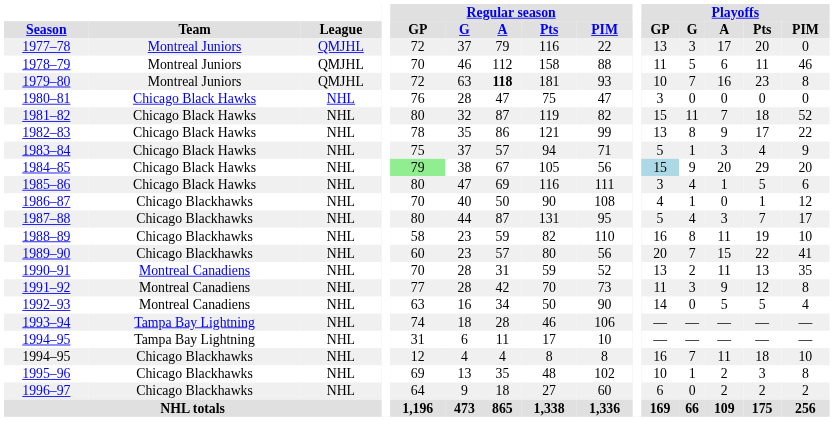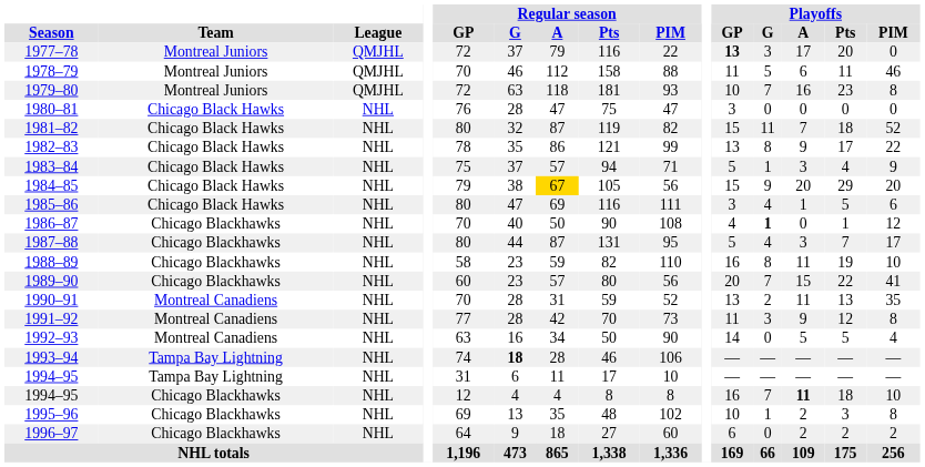 <table border="0" cellpadding="1" cellspacing="0" style="text-align:center; width:60em">
 <tr style="background:#e0e0e0;">
 <th colspan="3" style="background:#fff;"> </th>
 <th rowspan="99" style="background:#fff;"> </th>
 <th colspan="5"><a href='#'>Regular season</a></th>
 <th rowspan="99" style="background:#fff;"> </th>
 <th colspan="5"><a href='#'>Playoffs</a></th>
 </tr>
 <tr style="background:#e0e0e0;">
 <th><a href='#'>Season</a></th>
 <th>Team</th>
 <th>League</th>
 <th>GP</th>
 <th><a href='#'>G</a></th>
 <th><a href='#'>A</a></th>
 <th><a href='#'>Pts</a></th>
 <th><a href='#'>PIM</a></th>
 <th>GP</th>
 <th>G</th>
 <th>A</th>
 <th>Pts</th>
 <th>PIM</th>
 </tr>
 <tr style="background:#f0f0f0;">
 <td><a href='#'>1977–78</a></td>
 <td><a href='#'>Montreal Juniors</a></td>
 <td><a href='#'>QMJHL</a></td>
 <td>72</td>
 <td>37</td>
 <td>79</td>
 <td>116</td>
 <td>22</td>
-<td>13</td>
+<td><strong>13</strong></td>
 <td>3</td>
 <td>17</td>
 <td>20</td>
 <td>0</td>
 </tr>
 <tr>
 <td><a href='#'>1978–79</a></td>
 <td>Montreal Juniors</td>
 <td>QMJHL</td>
 <td>70</td>
 <td>46</td>
 <td>112</td>
 <td>158</td>
 <td>88</td>
 <td>11</td>
 <td>5</td>
 <td>6</td>
 <td>11</td>
 <td>46</td>
 </tr>
 <tr style="background:#f0f0f0;">
 <td><a href='#'>1979–80</a></td>
 <td>Montreal Juniors</td>
 <td>QMJHL</td>
 <td>72</td>
 <td>63</td>
-<td><strong>118</strong></td>
+<td>118</td>
 <td>181</td>
 <td>93</td>
 <td>10</td>
 <td>7</td>
 <td>16</td>
 <td>23</td>
 <td>8</td>
 </tr>
 <tr>
 <td><a href='#'>1980–81</a></td>
 <td><a href='#'>Chicago Black Hawks</a></td>
 <td><a href='#'>NHL</a></td>
 <td>76</td>
 <td>28</td>
 <td>47</td>
 <td>75</td>
 <td>47</td>
 <td>3</td>
 <td>0</td>
 <td>0</td>
 <td>0</td>
 <td>0</td>
 </tr>
 <tr style="background:#f0f0f0;">
 <td><a href='#'>1981–82</a></td>
 <td>Chicago Black Hawks</td>
 <td>NHL</td>
 <td>80</td>
 <td>32</td>
 <td>87</td>
 <td>119</td>
 <td>82</td>
 <td>15</td>
 <td>11</td>
 <td>7</td>
 <td>18</td>
 <td>52</td>
 </tr>
 <tr>
 <td><a href='#'>1982–83</a></td>
 <td>Chicago Black Hawks</td>
 <td>NHL</td>
 <td>78</td>
 <td>35</td>
 <td>86</td>
 <td>121</td>
 <td>99</td>
 <td>13</td>
 <td>8</td>
 <td>9</td>
 <td>17</td>
 <td>22</td>
 </tr>
 <tr style="background:#f0f0f0;">
 <td><a href='#'>1983–84</a></td>
 <td>Chicago Black Hawks</td>
 <td>NHL</td>
 <td>75</td>
 <td>37</td>
 <td>57</td>
 <td>94</td>
 <td>71</td>
 <td>5</td>
 <td>1</td>
 <td>3</td>
 <td>4</td>
 <td>9</td>
 </tr>
 <tr>
 <td><a href='#'>1984–85</a></td>
 <td>Chicago Black Hawks</td>
 <td>NHL</td>
-<td style="background: lightgreen;">79</td>
+<td>79</td>
 <td>38</td>
-<td>67</td>
+<td style="background: gold;">67</td>
 <td>105</td>
 <td>56</td>
-<td style="background: lightblue;">15</td>
+<td>15</td>
 <td>9</td>
 <td>20</td>
 <td>29</td>
 <td>20</td>
 </tr>
 <tr style="background:#f0f0f0;">
 <td><a href='#'>1985–86</a></td>
 <td>Chicago Black Hawks</td>
 <td>NHL</td>
 <td>80</td>
 <td>47</td>
 <td>69</td>
 <td>116</td>
 <td>111</td>
 <td>3</td>
 <td>4</td>
 <td>1</td>
 <td>5</td>
 <td>6</td>
 </tr>
 <tr>
 <td><a href='#'>1986–87</a></td>
 <td>Chicago Blackhawks</td>
 <td>NHL</td>
 <td>70</td>
 <td>40</td>
 <td>50</td>
 <td>90</td>
 <td>108</td>
 <td>4</td>
-<td>1</td>
+<td><strong>1</strong></td>
 <td>0</td>
 <td>1</td>
 <td>12</td>
 </tr>
 <tr style="background:#f0f0f0;">
 <td><a href='#'>1987–88</a></td>
 <td>Chicago Blackhawks</td>
 <td>NHL</td>
 <td>80</td>
 <td>44</td>
 <td>87</td>
 <td>131</td>
 <td>95</td>
 <td>5</td>
 <td>4</td>
 <td>3</td>
 <td>7</td>
 <td>17</td>
 </tr>
 <tr>
 <td><a href='#'>1988–89</a></td>
 <td>Chicago Blackhawks</td>
 <td>NHL</td>
 <td>58</td>
 <td>23</td>
 <td>59</td>
 <td>82</td>
 <td>110</td>
 <td>16</td>
 <td>8</td>
 <td>11</td>
 <td>19</td>
 <td>10</td>
 </tr>
 <tr style="background:#f0f0f0;">
 <td><a href='#'>1989–90</a></td>
 <td>Chicago Blackhawks</td>
 <td>NHL</td>
 <td>60</td>
 <td>23</td>
 <td>57</td>
 <td>80</td>
 <td>56</td>
 <td>20</td>
 <td>7</td>
 <td>15</td>
 <td>22</td>
 <td>41</td>
 </tr>
 <tr>
 <td><a href='#'>1990–91</a></td>
 <td><a href='#'>Montreal Canadiens</a></td>
 <td>NHL</td>
 <td>70</td>
 <td>28</td>
 <td>31</td>
 <td>59</td>
 <td>52</td>
 <td>13</td>
 <td>2</td>
 <td>11</td>
 <td>13</td>
 <td>35</td>
 </tr>
 <tr style="background:#f0f0f0;">
 <td><a href='#'>1991–92</a></td>
 <td>Montreal Canadiens</td>
 <td>NHL</td>
 <td>77</td>
 <td>28</td>
 <td>42</td>
 <td>70</td>
 <td>73</td>
 <td>11</td>
 <td>3</td>
 <td>9</td>
 <td>12</td>
 <td>8</td>
 </tr>
 <tr>
 <td><a href='#'>1992–93</a></td>
 <td>Montreal Canadiens</td>
 <td>NHL</td>
 <td>63</td>
 <td>16</td>
 <td>34</td>
 <td>50</td>
 <td>90</td>
 <td>14</td>
 <td>0</td>
 <td>5</td>
 <td>5</td>
 <td>4</td>
 </tr>
 <tr style="background:#f0f0f0;">
 <td><a href='#'>1993–94</a></td>
 <td><a href='#'>Tampa Bay Lightning</a></td>
 <td>NHL</td>
 <td>74</td>
-<td>18</td>
+<td><strong>18</strong></td>
 <td>28</td>
 <td>46</td>
 <td>106</td>
 <td>—</td>
 <td>—</td>
 <td>—</td>
 <td>—</td>
 <td>—</td>
 </tr>
 <tr>
 <td><a href='#'>1994–95</a></td>
 <td>Tampa Bay Lightning</td>
 <td>NHL</td>
 <td>31</td>
 <td>6</td>
 <td>11</td>
 <td>17</td>
 <td>10</td>
 <td>—</td>
 <td>—</td>
 <td>—</td>
 <td>—</td>
 <td>—</td>
 </tr>
 <tr style="background:#f0f0f0;">
 <td>1994–95</td>
 <td>Chicago Blackhawks</td>
 <td>NHL</td>
 <td>12</td>
 <td>4</td>
 <td>4</td>
 <td>8</td>
 <td>8</td>
 <td>16</td>
 <td>7</td>
-<td>11</td>
+<td><strong>11</strong></td>
 <td>18</td>
 <td>10</td>
 </tr>
 <tr>
 <td><a href='#'>1995–96</a></td>
 <td>Chicago Blackhawks</td>
 <td>NHL</td>
 <td>69</td>
 <td>13</td>
 <td>35</td>
 <td>48</td>
 <td>102</td>
 <td>10</td>
 <td>1</td>
 <td>2</td>
 <td>3</td>
 <td>8</td>
 </tr>
 <tr style="background:#f0f0f0;">
 <td><a href='#'>1996–97</a></td>
 <td>Chicago Blackhawks</td>
 <td>NHL</td>
 <td>64</td>
 <td>9</td>
 <td>18</td>
 <td>27</td>
 <td>60</td>
 <td>6</td>
 <td>0</td>
 <td>2</td>
 <td>2</td>
 <td>2</td>
 </tr>
 <tr style="background:#e0e0e0;">
 <th colspan="3">NHL totals</th>
 <th>1,196</th>
 <th>473</th>
 <th>865</th>
 <th>1,338</th>
 <th>1,336</th>
 <th>169</th>
 <th>66</th>
 <th>109</th>
 <th>175</th>
 <th>256</th>
 </tr>
 </table>
